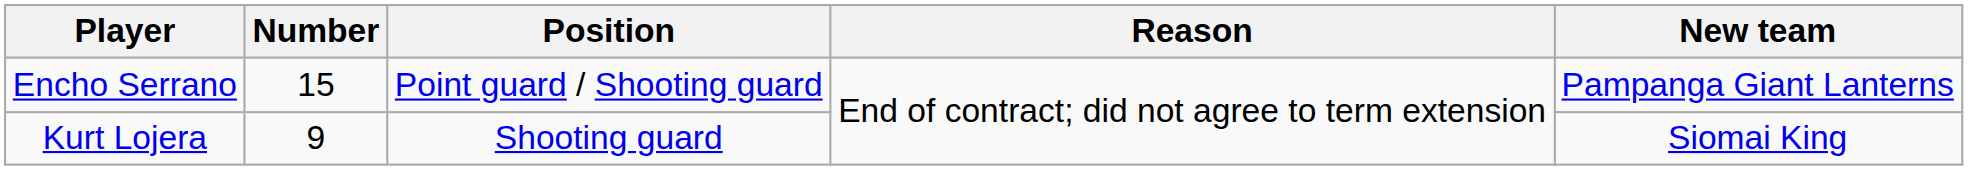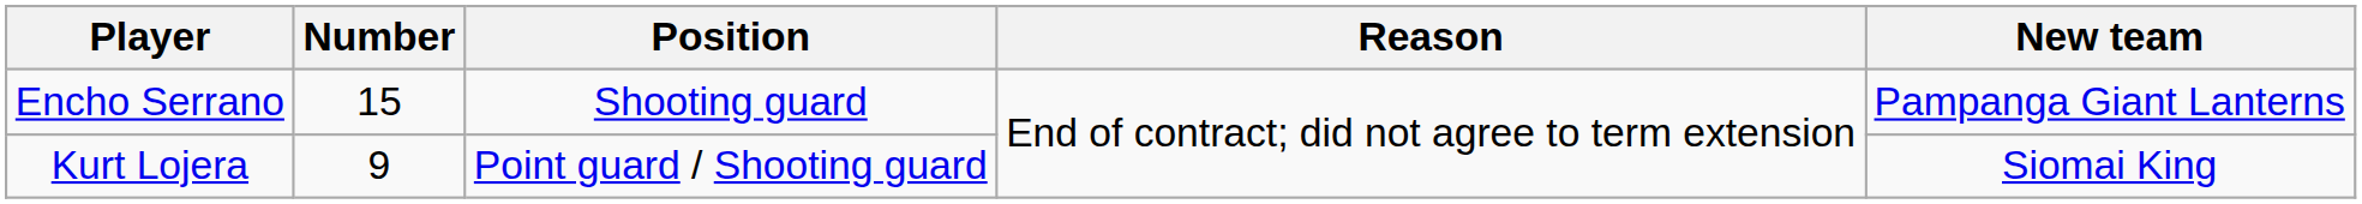 <table class="wikitable sortable sortable">
 <tr>
 <th>Player</th>
 <th>Number</th>
 <th>Position</th>
 <th>Reason</th>
 <th>New team</th>
 </tr>
 <tr style="text-align: center">
 <td><a href='#'>Encho Serrano</a></td>
 <td>15</td>
-<td><a href='#'>Point guard</a> / <a href='#'>Shooting guard</a></td>
+<td><a href='#'>Shooting guard</a></td>
 <td rowspan=2>End of contract; did not agree to term extension</td>
 <td><a href='#'>Pampanga Giant Lanterns</a> </td>
 </tr>
 <tr style="text-align: center">
 <td><a href='#'>Kurt Lojera</a></td>
 <td>9</td>
-<td><a href='#'>Shooting guard</a></td>
+<td><a href='#'>Point guard</a> / <a href='#'>Shooting guard</a></td>
 <td><a href='#'>Siomai King</a> </td>
 </tr>
 </table>
